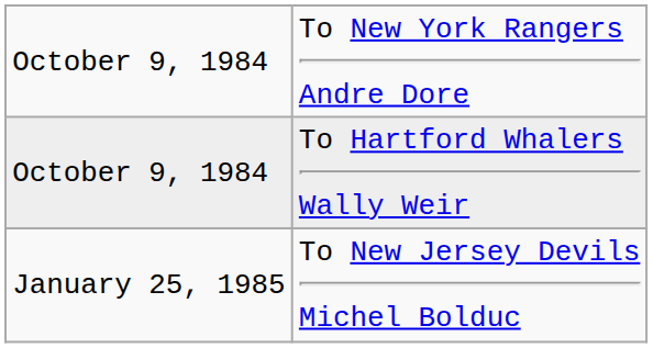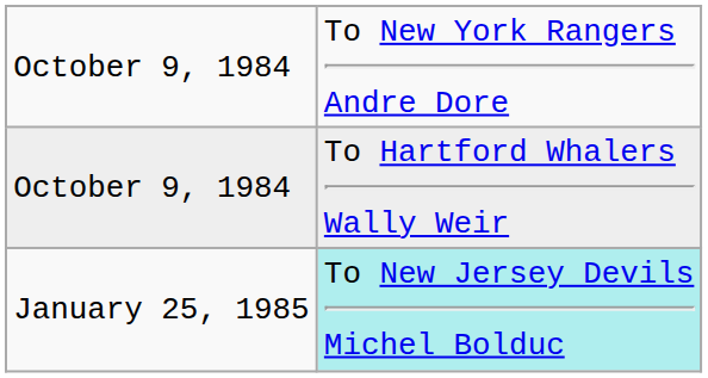 <table class="wikitable">
 <tr>
 <td>October 9, 1984</td>
 <td valign="top">To <a href='#'>New York Rangers</a><hr><a href='#'>Andre Dore</a></td>
 </tr>
 <tr style="background:#eee;">
 <td>October 9, 1984</td>
 <td valign="top">To <a href='#'>Hartford Whalers</a><hr><a href='#'>Wally Weir</a></td>
 </tr>
 <tr>
 <td>January 25, 1985</td>
-<td valign="top">To <a href='#'>New Jersey Devils</a><hr><a href='#'>Michel Bolduc</a></td>
+<td valign="top" style="background: paleturquoise;">To <a href='#'>New Jersey Devils</a><hr><a href='#'>Michel Bolduc</a></td>
 </tr>
 </table>
